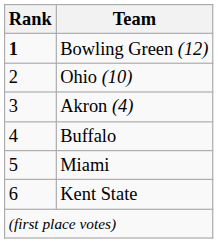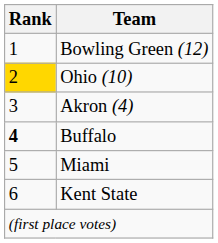 <table class=wikitable>
 <tr>
 <th>Rank</th>
 <th>Team</th>
 </tr>
 <tr>
-<td><strong>1</strong></td>
+<td>1</td>
 <td>Bowling Green <em>(12)</em></td>
 </tr>
 <tr>
-<td>2</td>
+<td style="background: gold;">2</td>
 <td>Ohio <em>(10)</em></td>
 </tr>
 <tr>
 <td>3</td>
 <td>Akron <em>(4)</em></td>
 </tr>
 <tr>
-<td>4</td>
+<td><strong>4</strong></td>
 <td>Buffalo</td>
 </tr>
 <tr>
 <td>5</td>
 <td>Miami</td>
 </tr>
 <tr>
 <td>6</td>
 <td>Kent State</td>
 </tr>
 <tr>
 <td colspan=3 valign=middle><small><em>(first place votes)</em></small></td>
 </tr>
 </table>
